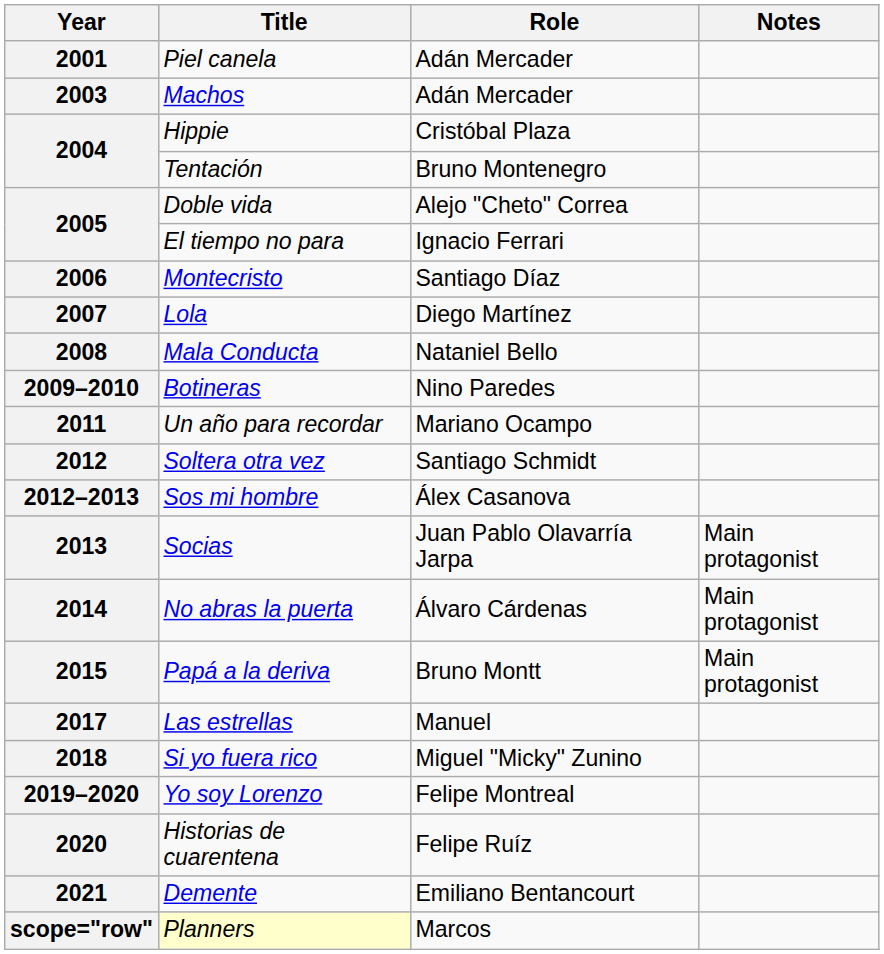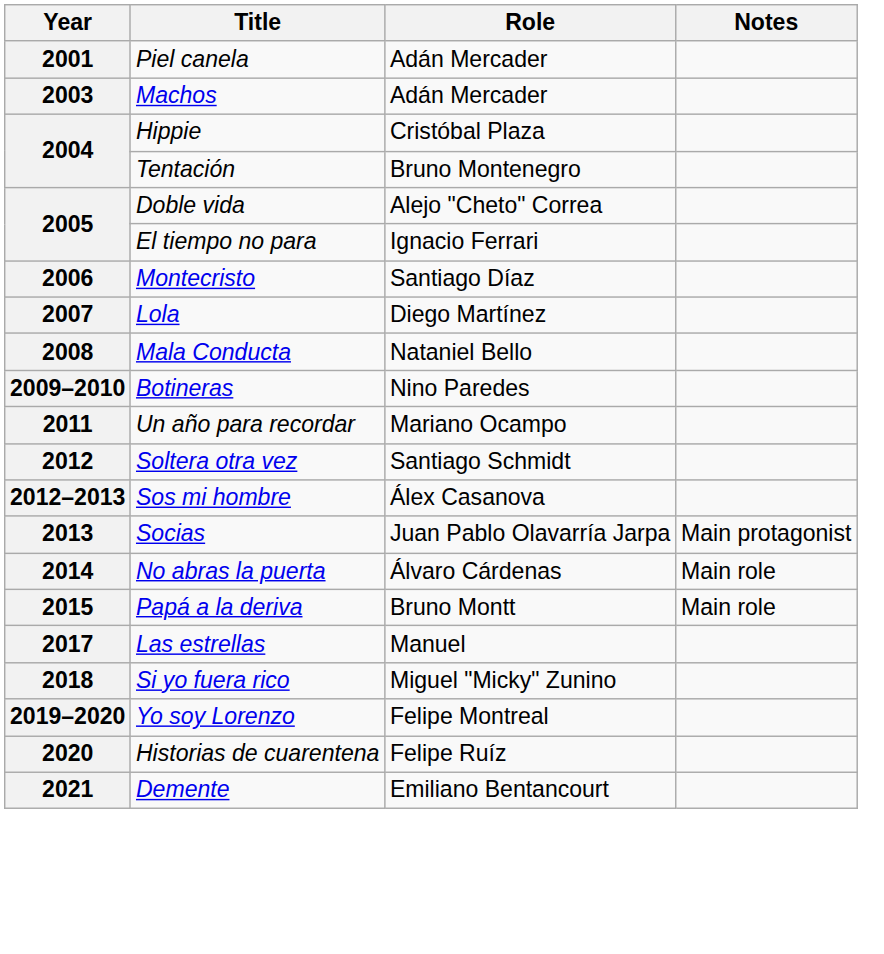 <table class="wikitable plainrowheaders sortable">
 <tr>
 <th scope="col">Year</th>
 <th scope="col">Title</th>
 <th scope="col" class="unsortable">Role</th>
 <th scope="col" class="unsortable">Notes</th>
 </tr>
 <tr>
 <th scope="row">2001</th>
 <td><em>Piel canela</em></td>
 <td>Adán Mercader</td>
 <td></td>
 </tr>
 <tr>
 <th scope="row">2003</th>
 <td><em><a href='#'>Machos</a></em></td>
 <td>Adán Mercader</td>
 <td></td>
 </tr>
 <tr>
 <th scope="row" rowspan="2">2004</th>
 <td><em>Hippie</em></td>
 <td>Cristóbal Plaza</td>
 <td></td>
 </tr>
 <tr>
 <td><em>Tentación</em></td>
 <td>Bruno Montenegro</td>
 <td></td>
 </tr>
 <tr>
 <th scope="row" rowspan="2">2005</th>
 <td><em>Doble vida</em></td>
 <td>Alejo "Cheto" Correa</td>
 <td></td>
 </tr>
 <tr>
 <td data-sort-value="Tiempo no para, El"><em>El tiempo no para</em></td>
 <td>Ignacio Ferrari</td>
 <td></td>
 </tr>
 <tr>
 <th scope="row">2006</th>
 <td><em><a href='#'>Montecristo</a></em></td>
 <td>Santiago Díaz</td>
 <td></td>
 </tr>
 <tr>
 <th scope="row">2007</th>
 <td><em><a href='#'>Lola</a></em></td>
 <td>Diego Martínez</td>
 <td></td>
 </tr>
 <tr>
 <th scope="row">2008</th>
 <td><em><a href='#'>Mala Conducta</a></em></td>
 <td>Nataniel Bello</td>
 <td></td>
 </tr>
 <tr>
 <th scope="row">2009–2010</th>
 <td><em><a href='#'>Botineras</a></em></td>
 <td>Nino Paredes</td>
 <td></td>
 </tr>
 <tr>
 <th scope="row">2011</th>
 <td><em>Un año para recordar</em></td>
 <td>Mariano Ocampo</td>
 <td></td>
 </tr>
 <tr>
 <th scope="row">2012</th>
 <td><em><a href='#'>Soltera otra vez</a></em></td>
 <td>Santiago Schmidt</td>
 <td></td>
 </tr>
 <tr>
 <th scope="row">2012–2013</th>
 <td><em><a href='#'>Sos mi hombre</a></em></td>
 <td>Álex Casanova</td>
 <td></td>
 </tr>
 <tr>
 <th scope="row">2013</th>
 <td><em><a href='#'>Socias</a></em></td>
 <td>Juan Pablo Olavarría Jarpa</td>
 <td>Main protagonist</td>
 </tr>
 <tr>
 <th scope="row">2014</th>
 <td><em><a href='#'>No abras la puerta</a></em></td>
 <td>Álvaro Cárdenas</td>
-<td>Main protagonist</td>
+<td>Main role</td>
 </tr>
 <tr>
 <th scope="row">2015</th>
 <td><em><a href='#'>Papá a la deriva</a></em></td>
 <td>Bruno Montt</td>
-<td>Main protagonist</td>
+<td>Main role</td>
 </tr>
 <tr>
 <th scope="row">2017</th>
 <td data-sort-value="Estrellas, Las"><em><a href='#'>Las estrellas</a></em></td>
 <td>Manuel</td>
 <td></td>
 </tr>
 <tr>
 <th scope="row">2018</th>
 <td><em><a href='#'>Si yo fuera rico</a></em></td>
 <td>Miguel "Micky" Zunino</td>
 <td></td>
 </tr>
 <tr>
 <th scope="row">2019–2020</th>
 <td><em><a href='#'>Yo soy Lorenzo</a></em></td>
 <td>Felipe Montreal</td>
 <td></td>
 </tr>
 <tr>
 <th scope="row">2020</th>
 <td><em>Historias de cuarentena</em></td>
 <td>Felipe Ruíz</td>
 <td></td>
 </tr>
 <tr>
 <th scope="row">2021</th>
 <td><em><a href='#'>Demente</a></em></td>
 <td>Emiliano Bentancourt</td>
 <td></td>
 </tr>
-<tr>
-<th>scope="row" </th>
-<td style="background:#ffc"><em>Planners</em> </td>
-<td>Marcos</td>
-<td></td>
-</tr>
 </table>
